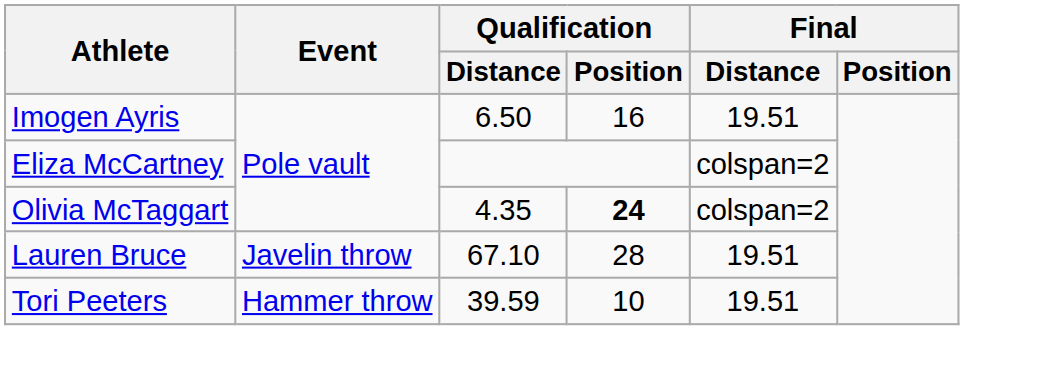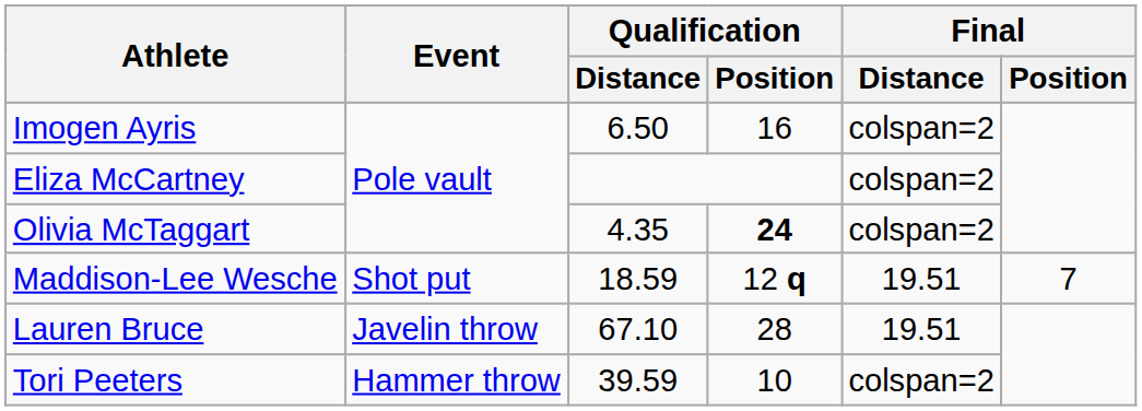 <table class=wikitable style=font-size:90%>
 <tr>
 <th rowspan=2>Athlete</th>
 <th rowspan=2>Event</th>
 <th colspan=2>Qualification</th>
 <th colspan=2>Final</th>
 </tr>
 <tr style=font-size:95%>
 <th>Distance</th>
 <th>Position</th>
 <th>Distance</th>
 <th>Position</th>
 </tr>
 <tr align=center>
 <td align=left><a href='#'>Imogen Ayris</a></td>
 <td align=left rowspan=3><a href='#'>Pole vault</a></td>
 <td>6.50</td>
 <td>16</td>
-<td>19.51 </td>
+<td>colspan=2 </td>
 </tr>
 <tr align=center>
 <td align=left><a href='#'>Eliza McCartney</a></td>
 <td colspan=2></td>
 <td>colspan=2 </td>
 </tr>
 <tr align=center>
 <td align=left><a href='#'>Olivia McTaggart</a></td>
 <td>4.35</td>
 <td><strong>24</strong></td>
 <td>colspan=2 </td>
 </tr>
 <tr align=center>
+<td align=left><a href='#'>Maddison-Lee Wesche</a></td>
+<td align=left><a href='#'>Shot put</a></td>
+<td>18.59</td>
+<td>12 <strong>q</strong></td>
+<td>19.51 </td>
+<td>7</td>
+</tr>
+<tr align=center>
 <td align=left><a href='#'>Lauren Bruce</a></td>
 <td align=left><a href='#'>Javelin throw</a></td>
 <td>67.10</td>
 <td>28</td>
 <td>19.51 </td>
 </tr>
 <tr align=center>
 <td align=left><a href='#'>Tori Peeters</a></td>
 <td align=left><a href='#'>Hammer throw</a></td>
 <td>39.59</td>
 <td>10</td>
-<td>19.51 </td>
+<td>colspan=2 </td>
 </tr>
 </table>
